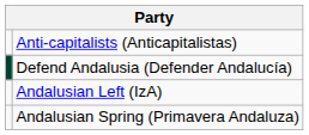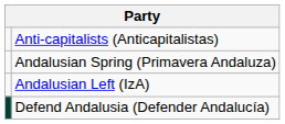 <table class="wikitable" style="text-align:left;">
 <tr>
 <th colspan="2">Party</th>
 </tr>
 <tr>
 <td></td>
 <td><a href='#'>Anti-capitalists</a> (Anticapitalistas)</td>
 </tr>
 <tr>
-<td bgcolor="#004131"></td>
-<td>Defend Andalusia (Defender Andalucía)</td>
+<td></td>
+<td>Andalusian Spring (Primavera Andaluza)</td>
 </tr>
 <tr>
 <td></td>
 <td><a href='#'>Andalusian Left</a> (IzA)</td>
 </tr>
 <tr>
-<td></td>
-<td>Andalusian Spring (Primavera Andaluza)</td>
+<td bgcolor="#004131"></td>
+<td>Defend Andalusia (Defender Andalucía)</td>
 </tr>
 </table>
